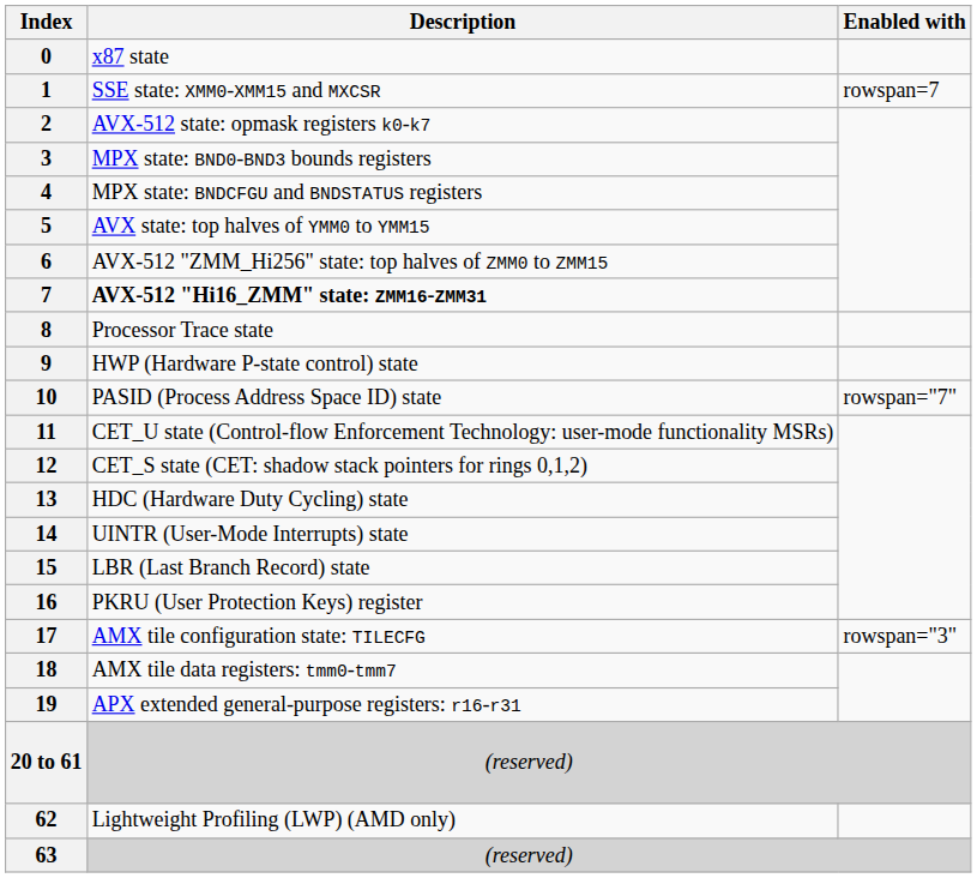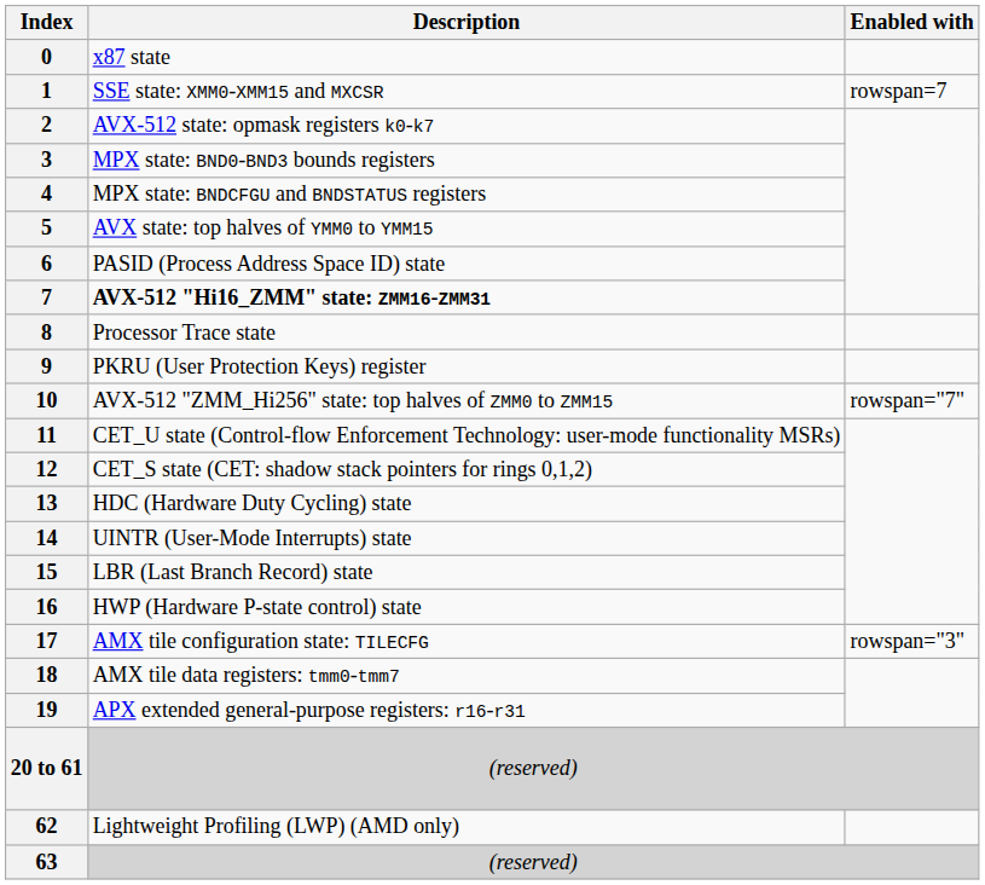 <table class="wikitable">
 <tr>
 <th>Index</th>
 <th>Description</th>
 <th>Enabled with</th>
 </tr>
 <tr>
 <th>0</th>
 <td><a href='#'>x87</a> state</td>
 <td></td>
 </tr>
 <tr>
 <th>1</th>
 <td><a href='#'>SSE</a> state: <code>XMM0</code>-<code>XMM15</code> and <code>MXCSR</code></td>
 <td>rowspan=7 </td>
 </tr>
 <tr>
 <th>2</th>
 <td><a href='#'>AVX-512</a> state: opmask registers <code>k0</code>-<code>k7</code></td>
 </tr>
 <tr>
 <th>3</th>
 <td><a href='#'>MPX</a> state: <code>BND0</code>-<code>BND3</code> bounds registers</td>
 </tr>
 <tr>
 <th>4</th>
 <td>MPX state: <code>BNDCFGU</code> and <code>BNDSTATUS</code> registers</td>
 </tr>
 <tr>
 <th>5</th>
 <td><a href='#'>AVX</a> state: top halves of <code>YMM0</code> to <code>YMM15</code></td>
 </tr>
 <tr>
 <th>6</th>
-<td>AVX-512 "ZMM_Hi256" state: top halves of <code>ZMM0</code> to <code>ZMM15</code></td>
+<td>PASID (Process Address Space ID) state</td>
 </tr>
 <tr>
 <th>7</th>
 <td><strong>AVX-512 "Hi16_ZMM" state: <code>ZMM16</code>-<code>ZMM31</code></strong></td>
 </tr>
 <tr>
 <th>8</th>
 <td>Processor Trace state</td>
 <td></td>
 </tr>
 <tr>
 <th>9</th>
-<td>HWP (Hardware P-state control) state</td>
+<td>PKRU (User Protection Keys) register</td>
 <td></td>
 </tr>
 <tr>
 <th>10</th>
-<td>PASID (Process Address Space ID) state</td>
+<td>AVX-512 "ZMM_Hi256" state: top halves of <code>ZMM0</code> to <code>ZMM15</code></td>
 <td>rowspan="7" </td>
 </tr>
 <tr>
 <th>11</th>
 <td>CET_U state (Control-flow Enforcement Technology: user-mode functionality MSRs)</td>
 </tr>
 <tr>
 <th>12</th>
 <td>CET_S state (CET: shadow stack pointers for rings 0,1,2)</td>
 </tr>
 <tr>
 <th>13</th>
 <td>HDC (Hardware Duty Cycling) state</td>
 </tr>
 <tr>
 <th>14</th>
 <td>UINTR (User-Mode Interrupts) state</td>
 </tr>
 <tr>
 <th>15</th>
 <td>LBR (Last Branch Record) state</td>
 </tr>
 <tr>
 <th>16</th>
-<td>PKRU (User Protection Keys) register</td>
+<td>HWP (Hardware P-state control) state</td>
 </tr>
 <tr>
 <th>17</th>
 <td><a href='#'>AMX</a> tile configuration state: <code>TILECFG</code></td>
 <td>rowspan="3" </td>
 </tr>
 <tr>
 <th>18</th>
 <td>AMX tile data registers: <code>tmm0</code>-<code>tmm7</code></td>
 </tr>
 <tr>
 <th>19</th>
 <td><a href='#'>APX</a> extended general-purpose registers: <code>r16</code>-<code>r31</code></td>
 </tr>
 <tr>
 <th><br>20 to 61<br> </th>
 <td colspan="2" style="text-align:center; background:lightgrey;"><em>(reserved)</em></td>
 </tr>
 <tr>
 <th>62</th>
 <td>Lightweight Profiling (LWP) (AMD only)</td>
 <td></td>
 </tr>
 <tr>
 <th>63</th>
 <td colspan="2" style="text-align:center; background:lightgrey;"><em>(reserved)</em></td>
 </tr>
 </table>
